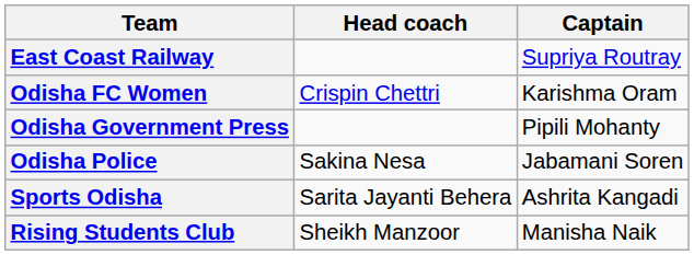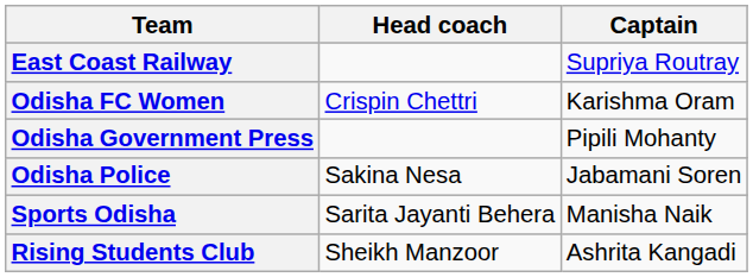 <table class="wikitable sortable" style="text-align: left; font-size:85%">
 <tr>
 <th scope=col>Team</th>
 <th scope=col>Head coach</th>
 <th scope=col>Captain</th>
 </tr>
 <tr>
 <th scope=row style="text-align: left;"><a href='#'>East Coast Railway</a></th>
 <td></td>
 <td> <a href='#'>Supriya Routray</a></td>
 </tr>
 <tr>
 <th scope=row style="text-align: left;"><a href='#'>Odisha FC Women</a></th>
 <td> <a href='#'>Crispin Chettri</a></td>
 <td> Karishma Oram</td>
 </tr>
 <tr>
 <th scope=row style="text-align: left;"><a href='#'>Odisha Government Press</a></th>
 <td></td>
 <td> Pipili Mohanty</td>
 </tr>
 <tr>
 <th scope=row style="text-align: left;"><a href='#'>Odisha Police</a></th>
 <td> Sakina Nesa</td>
 <td> Jabamani Soren</td>
 </tr>
 <tr>
 <th scope=row style="text-align: left;"><a href='#'>Sports Odisha</a></th>
 <td> Sarita Jayanti Behera</td>
-<td> Ashrita Kangadi</td>
+<td> Manisha Naik</td>
 </tr>
 <tr>
 <th scope=row style="text-align: left;"><a href='#'>Rising Students Club</a></th>
 <td> Sheikh Manzoor</td>
-<td> Manisha Naik</td>
+<td> Ashrita Kangadi</td>
 </tr>
 </table>
